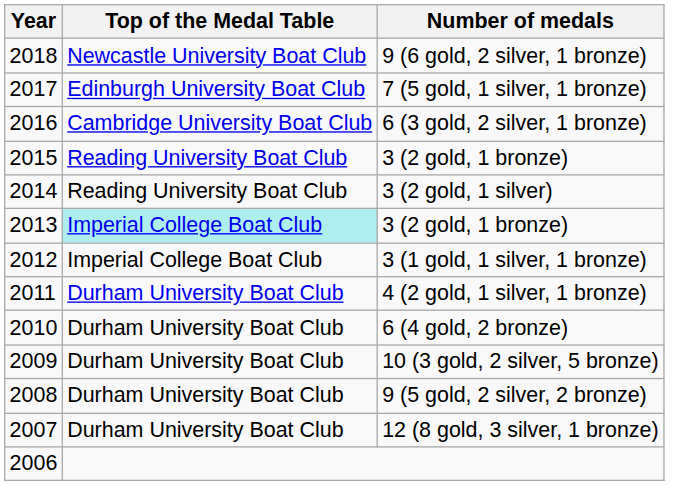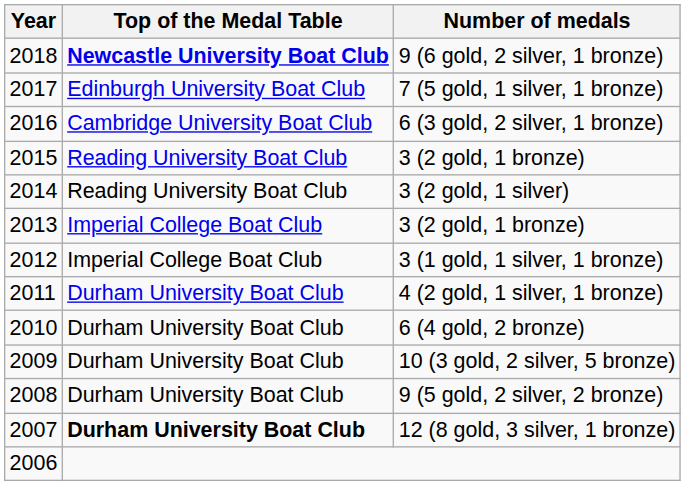 <table class=wikitable>
 <tr>
 <th>Year</th>
 <th>Top of the Medal Table</th>
 <th>Number of medals</th>
 </tr>
 <tr>
 <td>2018</td>
-<td><a href='#'>Newcastle University Boat Club</a></td>
+<td><strong><a href='#'>Newcastle University Boat Club</a></strong></td>
 <td>9 (6 gold, 2 silver, 1 bronze)</td>
 </tr>
 <tr>
 <td>2017</td>
 <td><a href='#'>Edinburgh University Boat Club</a></td>
 <td>7 (5 gold, 1 silver, 1 bronze)</td>
 </tr>
 <tr>
 <td>2016</td>
 <td><a href='#'>Cambridge University Boat Club</a></td>
 <td>6 (3 gold, 2 silver, 1 bronze)</td>
 </tr>
 <tr>
 <td>2015</td>
 <td><a href='#'>Reading University Boat Club</a></td>
 <td>3 (2 gold, 1 bronze)</td>
 </tr>
 <tr>
 <td>2014</td>
 <td>Reading University Boat Club</td>
 <td>3 (2 gold, 1 silver)</td>
 </tr>
 <tr>
 <td>2013</td>
-<td style="background: paleturquoise;"><a href='#'>Imperial College Boat Club</a></td>
+<td><a href='#'>Imperial College Boat Club</a></td>
 <td>3 (2 gold, 1 bronze)</td>
 </tr>
 <tr>
 <td>2012</td>
 <td>Imperial College Boat Club</td>
 <td>3 (1 gold, 1 silver, 1 bronze)</td>
 </tr>
 <tr>
 <td>2011</td>
 <td><a href='#'>Durham University Boat Club</a></td>
 <td>4 (2 gold, 1 silver, 1 bronze)</td>
 </tr>
 <tr>
 <td>2010</td>
 <td>Durham University Boat Club</td>
 <td>6 (4 gold, 2 bronze)</td>
 </tr>
 <tr>
 <td>2009</td>
 <td>Durham University Boat Club</td>
 <td>10 (3 gold, 2 silver, 5 bronze)</td>
 </tr>
 <tr>
 <td>2008</td>
 <td>Durham University Boat Club</td>
 <td>9 (5 gold, 2 silver, 2 bronze)</td>
 </tr>
 <tr>
 <td>2007</td>
-<td>Durham University Boat Club</td>
+<td><strong>Durham University Boat Club</strong></td>
 <td>12 (8 gold, 3 silver, 1 bronze)</td>
 </tr>
 <tr>
 <td>2006</td>
 </tr>
 </table>
